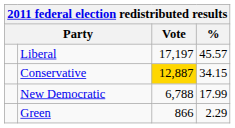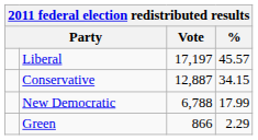 <table class="wikitable">
 <tr>
 <th colspan="4"><a href='#'>2011 federal election</a> redistributed results</th>
 </tr>
 <tr>
 <th bgcolor="#DDDDFF" width="130px" colspan="2">Party</th>
 <th bgcolor="#DDDDFF" width="50px">Vote</th>
 <th bgcolor="#DDDDFF" width="30px">%</th>
 </tr>
 <tr>
 <td> </td>
 <td><a href='#'>Liberal</a></td>
 <td align=right>17,197</td>
 <td align=right>45.57</td>
 </tr>
 <tr>
 <td> </td>
 <td><a href='#'>Conservative</a></td>
-<td align=right style="background: gold;">12,887</td>
+<td align=right>12,887</td>
 <td align=right>34.15</td>
 </tr>
 <tr>
 <td> </td>
 <td><a href='#'>New Democratic</a></td>
 <td align=right>6,788</td>
 <td align=right>17.99</td>
 </tr>
 <tr>
 <td> </td>
 <td><a href='#'>Green</a></td>
 <td align=right>866</td>
 <td align=right>2.29</td>
 </tr>
 </table>
